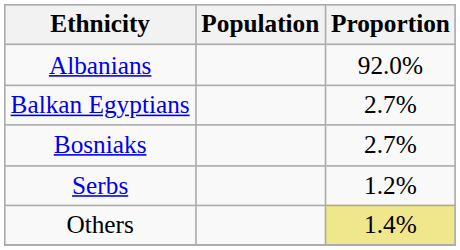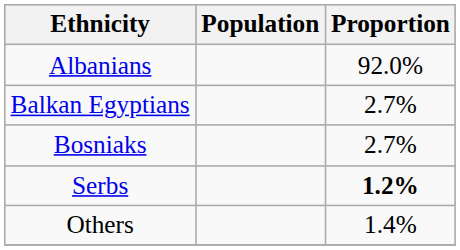 <table class="wikitable" style="text-align:center;" style="font-size: 90%">
 <tr>
 <th>Ethnicity</th>
 <th>Population</th>
 <th>Proportion</th>
 </tr>
 <tr>
 <td><a href='#'>Albanians</a></td>
 <td></td>
 <td>92.0%</td>
 </tr>
 <tr>
 <td><a href='#'>Balkan Egyptians</a></td>
 <td></td>
 <td>2.7%</td>
 </tr>
 <tr>
 <td><a href='#'>Bosniaks</a></td>
 <td></td>
 <td>2.7%</td>
 </tr>
 <tr>
 <td><a href='#'>Serbs</a></td>
 <td></td>
-<td>1.2%</td>
+<td><strong>1.2%</strong></td>
 </tr>
 <tr>
 <td>Others</td>
 <td></td>
-<td style="background: khaki;">1.4%</td>
+<td>1.4%</td>
 </tr>
 <tr>
 </tr>
 </table>
